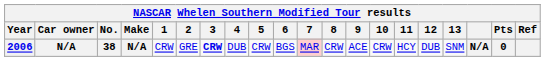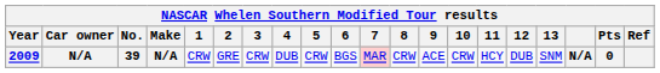 <table class="wikitable " style="text-align:center; font-size:75%">
 <tr>
 <th colspan=23><a href='#'>NASCAR</a> <a href='#'>Whelen Southern Modified Tour</a> results</th>
 </tr>
 <tr>
 <th>Year</th>
 <th>Car owner</th>
 <th>No.</th>
 <th>Make</th>
 <th>1</th>
 <th>2</th>
 <th>3</th>
 <th>4</th>
 <th>5</th>
 <th>6</th>
 <th>7</th>
 <th>8</th>
 <th>9</th>
 <th>10</th>
 <th>11</th>
 <th>12</th>
 <th>13</th>
 <th></th>
 <th>Pts</th>
 <th>Ref</th>
 </tr>
 <tr>
-<th><a href='#'>2006</a></th>
+<th><a href='#'>2009</a></th>
 <th>N/A</th>
-<th>38</th>
+<th>39</th>
 <th>N/A</th>
 <td><a href='#'>CRW</a></td>
 <td><a href='#'>GRE</a></td>
-<td><strong><a href='#'>CRW</a></strong></td>
+<td><a href='#'>CRW</a></td>
 <td><a href='#'>DUB</a></td>
 <td><a href='#'>CRW</a></td>
 <td><a href='#'>BGS</a></td>
 <td style="background:#FFCFCF;"><a href='#'>MAR</a><br></td>
 <td><a href='#'>CRW</a></td>
 <td><a href='#'>ACE</a></td>
 <td><a href='#'>CRW</a></td>
 <td><a href='#'>HCY</a></td>
 <td><a href='#'>DUB</a></td>
 <td><a href='#'>SNM</a></td>
 <th>N/A</th>
 <th>0</th>
 <th></th>
 </tr>
 </table>
